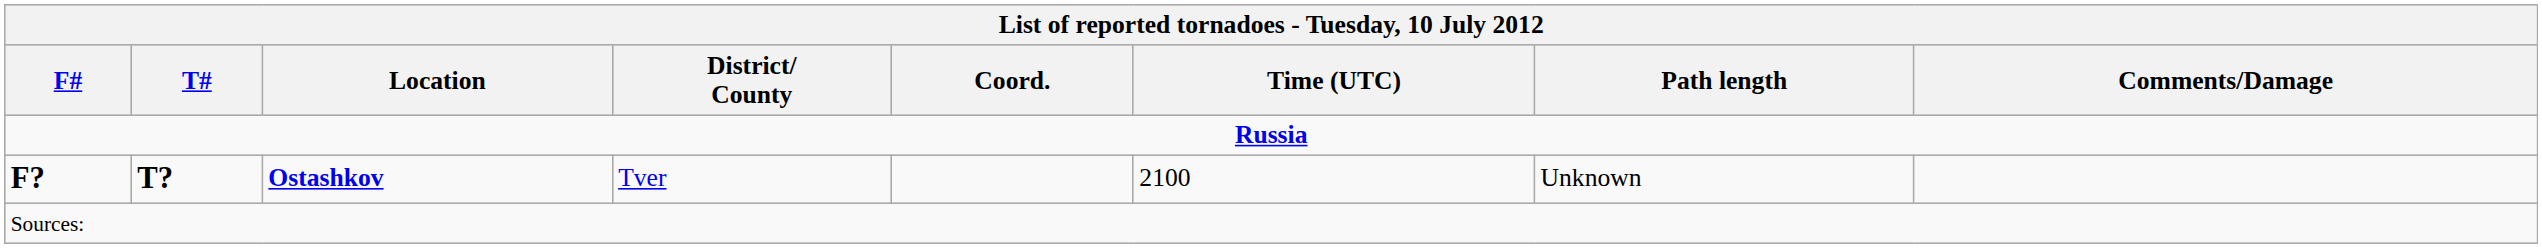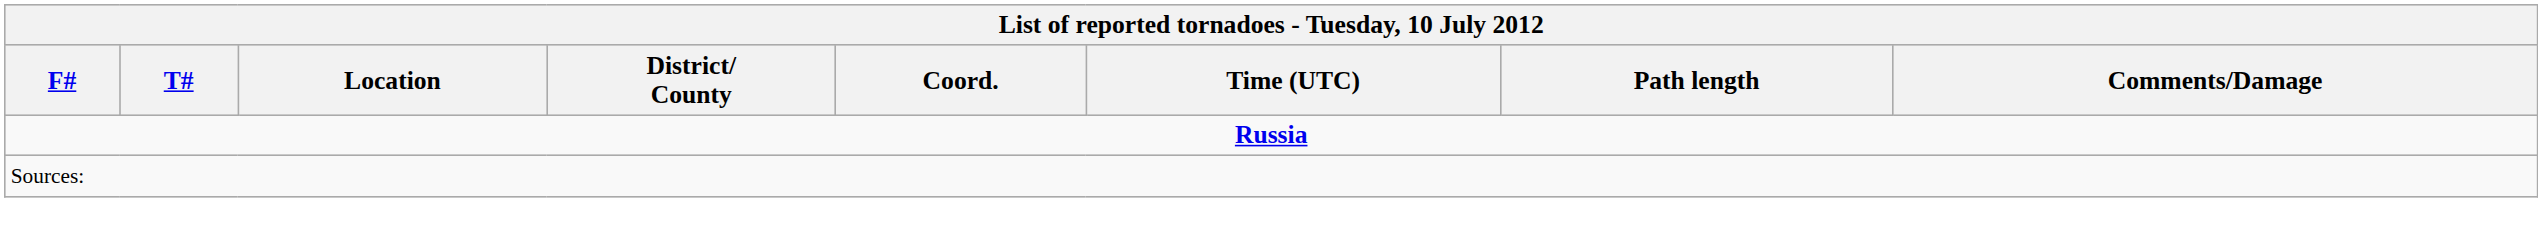 <table class="wikitable collapsible" width="100%">
 <tr>
 <th colspan="8">List of reported tornadoes - Tuesday, 10 July 2012</th>
 </tr>
 <tr>
 <th><a href='#'>F#</a></th>
 <th><a href='#'>T#</a></th>
 <th>Location</th>
 <th>District/<br>County</th>
 <th>Coord.</th>
 <th>Time (UTC)</th>
 <th>Path length</th>
 <th>Comments/Damage</th>
 </tr>
 <tr>
 <td colspan="8" align=center><strong><a href='#'>Russia</a></strong></td>
 </tr>
 <tr>
-<td><big><strong>F?</strong></big></td>
-<td><big><strong>T?</strong></big></td>
-<td><strong><a href='#'>Ostashkov</a></strong></td>
-<td><a href='#'>Tver</a></td>
-<td></td>
-<td>2100</td>
-<td>Unknown</td>
-<td></td>
-</tr>
-<tr>
 <td colspan="8"><small>Sources:  </small></td>
 </tr>
 </table>
